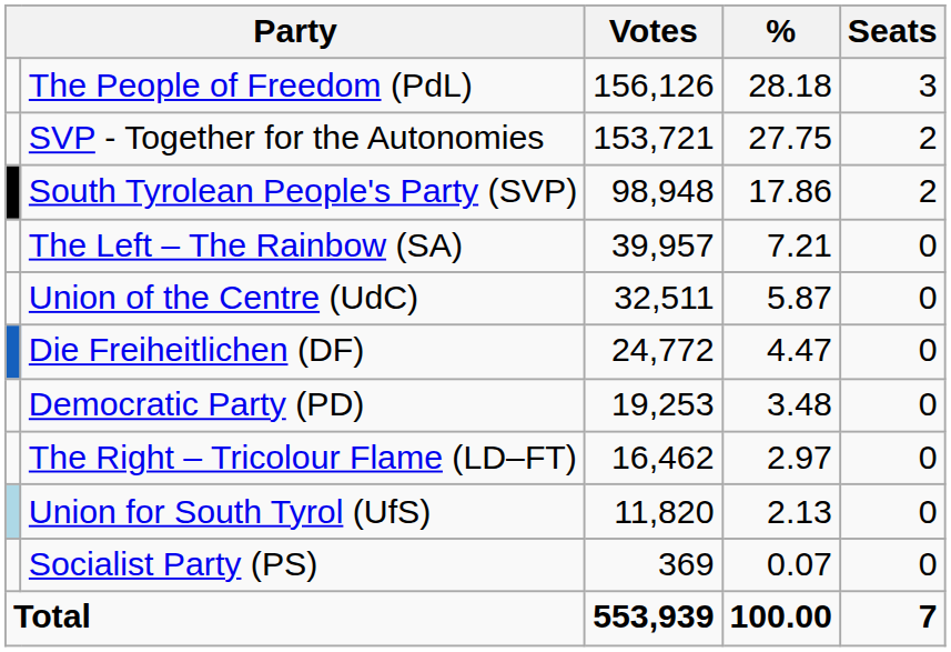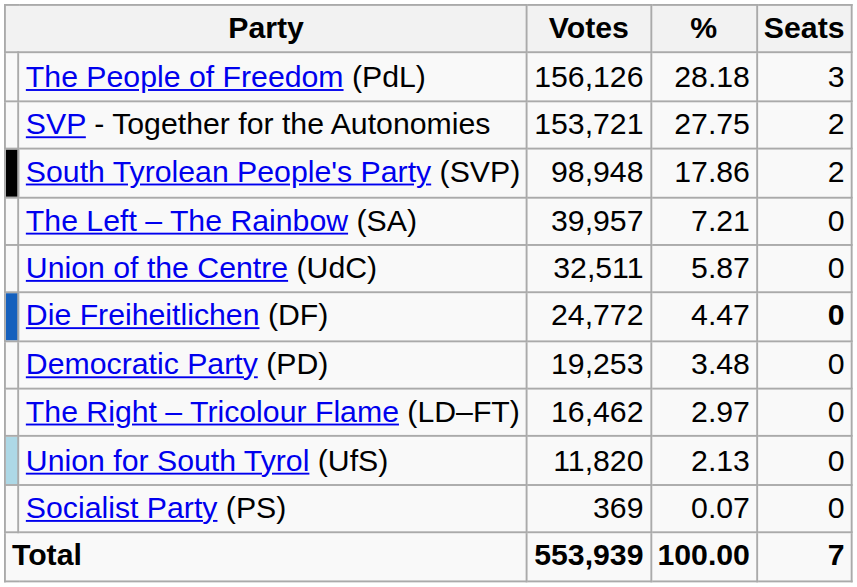 <table class=wikitable style="text-align:right">
 <tr>
 <th colspan=2>Party</th>
 <th>Votes</th>
 <th>%</th>
 <th>Seats</th>
 </tr>
 <tr>
 <td></td>
 <td align="left"><a href='#'>The People of Freedom</a> (PdL)</td>
 <td align="right">156,126</td>
 <td align="right">28.18</td>
 <td align="right">3</td>
 </tr>
 <tr>
 <td></td>
 <td align="left"><a href='#'>SVP</a> - Together for the Autonomies</td>
 <td align="right">153,721</td>
 <td align="right">27.75</td>
 <td align="right">2</td>
 </tr>
 <tr>
 <td bgcolor="black"></td>
 <td align="left"><a href='#'>South Tyrolean People's Party</a> (SVP)</td>
 <td align="right">98,948</td>
 <td align="right">17.86</td>
 <td align="right">2</td>
 </tr>
 <tr>
 <td></td>
 <td align="left"><a href='#'>The Left – The Rainbow</a> (SA)</td>
 <td align="right">39,957</td>
 <td align="right">7.21</td>
 <td align="right">0</td>
 </tr>
 <tr>
 <td></td>
 <td align="left"><a href='#'>Union of the Centre</a> (UdC)</td>
 <td align="right">32,511</td>
 <td align="right">5.87</td>
 <td align="right">0</td>
 </tr>
 <tr>
 <td bgcolor="#1560BD"></td>
 <td align="left"><a href='#'>Die Freiheitlichen</a> (DF)</td>
 <td align="right">24,772</td>
 <td align="right">4.47</td>
-<td align="right">0</td>
+<td align="right"><strong>0</strong></td>
 </tr>
 <tr>
 <td></td>
 <td align="left"><a href='#'>Democratic Party</a> (PD)</td>
 <td align="right">19,253</td>
 <td align="right">3.48</td>
 <td align="right">0</td>
 </tr>
 <tr>
 <td></td>
 <td align="left"><a href='#'>The Right – Tricolour Flame</a> (LD–FT)</td>
 <td align="right">16,462</td>
 <td align="right">2.97</td>
 <td align="right">0</td>
 </tr>
 <tr>
 <td bgcolor="lightblue"></td>
 <td align="left"><a href='#'>Union for South Tyrol</a> (UfS)</td>
 <td align="right">11,820</td>
 <td align="right">2.13</td>
 <td align="right">0</td>
 </tr>
 <tr>
 <td></td>
 <td align="left"><a href='#'>Socialist Party</a> (PS)</td>
 <td align="right">369</td>
 <td align="right">0.07</td>
 <td align="right">0</td>
 </tr>
 <tr>
 <td align="left" colspan=2><strong>Total</strong></td>
 <td align="right"><strong>553,939</strong></td>
 <td align="right"><strong>100.00</strong></td>
 <td align="right"><strong>7</strong></td>
 </tr>
 </table>
